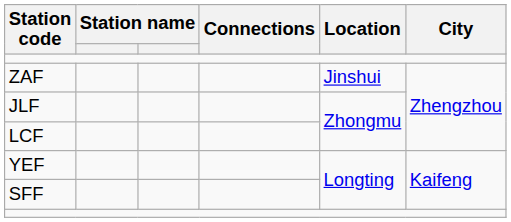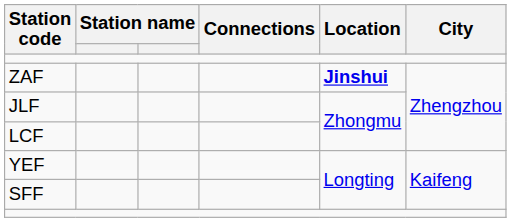 <table class="wikitable">
 <tr>
 <th rowspan="2">Station<br>code</th>
 <th colspan="2">Station name</th>
 <th rowspan="2">Connections</th>
 <th rowspan="2">Location</th>
 <th rowspan="2">City</th>
 </tr>
 <tr>
 <th></th>
 <th></th>
 </tr>
 <tr style="background:#">
 <td colspan = "6"></td>
 </tr>
 <tr>
 <td>ZAF</td>
 <td></td>
 <td></td>
 <td>   </td>
-<td><a href='#'>Jinshui</a></td>
+<td><strong><a href='#'>Jinshui</a></strong></td>
 <td rowspan="3"><a href='#'>Zhengzhou</a></td>
 </tr>
 <tr>
 <td>JLF</td>
 <td></td>
 <td></td>
 <td></td>
 <td rowspan="2"><a href='#'>Zhongmu</a></td>
 </tr>
 <tr>
 <td>LCF</td>
 <td></td>
 <td></td>
 <td></td>
 </tr>
 <tr>
 <td>YEF</td>
 <td></td>
 <td></td>
 <td></td>
 <td rowspan="2"><a href='#'>Longting</a></td>
 <td rowspan="2"><a href='#'>Kaifeng</a></td>
 </tr>
 <tr>
 <td>SFF</td>
 <td></td>
 <td></td>
 <td></td>
 </tr>
 <tr style="background:#">
 <td colspan = "6"></td>
 </tr>
 </table>
